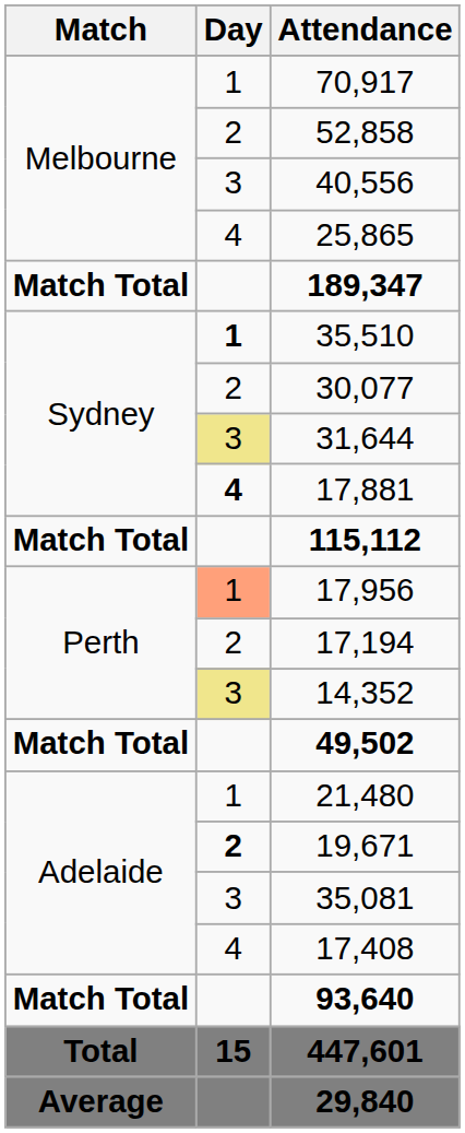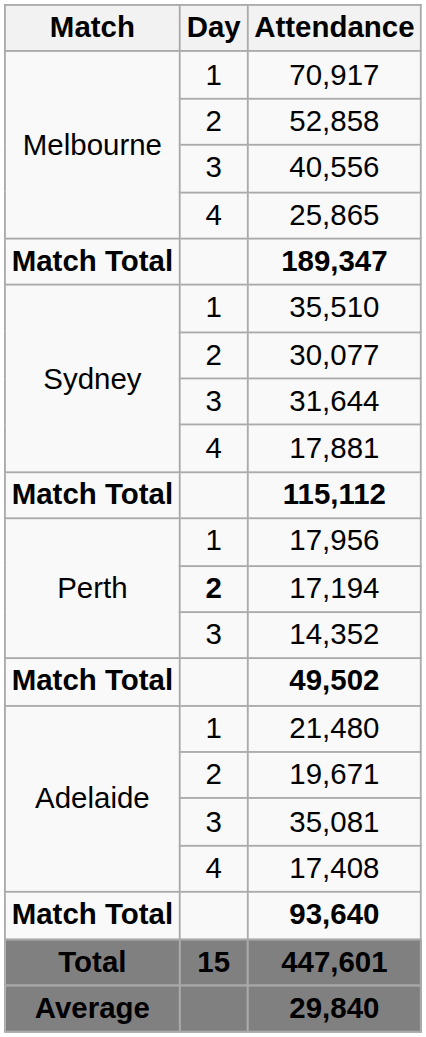 <table class="wikitable" style="text-align:center">
 <tr>
 <th>Match</th>
 <th>Day</th>
 <th>Attendance</th>
 </tr>
 <tr>
 <td rowspan="4">Melbourne</td>
 <td>1</td>
 <td>70,917</td>
 </tr>
 <tr>
 <td>2</td>
 <td>52,858</td>
 </tr>
 <tr>
 <td>3</td>
 <td>40,556</td>
 </tr>
 <tr>
 <td>4</td>
 <td>25,865</td>
 </tr>
 <tr>
 <td><strong>Match Total</strong></td>
 <td></td>
 <td><strong>189,347</strong></td>
 </tr>
 <tr>
 <td rowspan="4">Sydney</td>
-<td><strong>1</strong></td>
+<td>1</td>
 <td>35,510</td>
 </tr>
 <tr>
 <td>2</td>
 <td>30,077</td>
 </tr>
 <tr>
-<td style="background: khaki;">3</td>
+<td>3</td>
 <td>31,644</td>
 </tr>
 <tr>
-<td><strong>4</strong></td>
+<td>4</td>
 <td>17,881</td>
 </tr>
 <tr>
 <td><strong>Match Total</strong></td>
 <td></td>
 <td><strong>115,112</strong></td>
 </tr>
 <tr>
 <td rowspan="3">Perth</td>
-<td style="background: lightsalmon;">1</td>
+<td>1</td>
 <td>17,956</td>
 </tr>
 <tr>
-<td>2</td>
+<td><strong>2</strong></td>
 <td>17,194</td>
 </tr>
 <tr>
-<td style="background: khaki;">3</td>
+<td>3</td>
 <td>14,352</td>
 </tr>
 <tr>
 <td><strong>Match Total</strong></td>
 <td></td>
 <td><strong>49,502</strong></td>
 </tr>
 <tr>
 <td rowspan="4">Adelaide</td>
 <td>1</td>
 <td>21,480</td>
 </tr>
 <tr>
-<td><strong>2</strong></td>
+<td>2</td>
 <td>19,671</td>
 </tr>
 <tr>
 <td>3</td>
 <td>35,081</td>
 </tr>
 <tr>
 <td>4</td>
 <td>17,408</td>
 </tr>
 <tr>
 <td><strong>Match Total</strong></td>
 <td></td>
 <td><strong>93,640</strong></td>
 </tr>
 <tr style="background:grey">
 <td><strong>Total</strong></td>
 <td><strong>15</strong></td>
 <td><strong>447,601</strong></td>
 </tr>
 <tr style="background:grey">
 <td><strong>Average</strong></td>
 <td></td>
 <td><strong>29,840</strong></td>
 </tr>
 </table>
